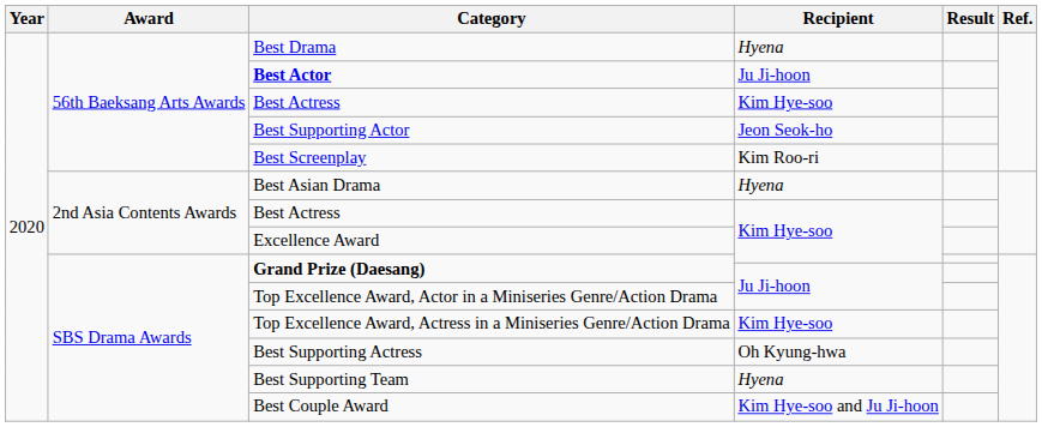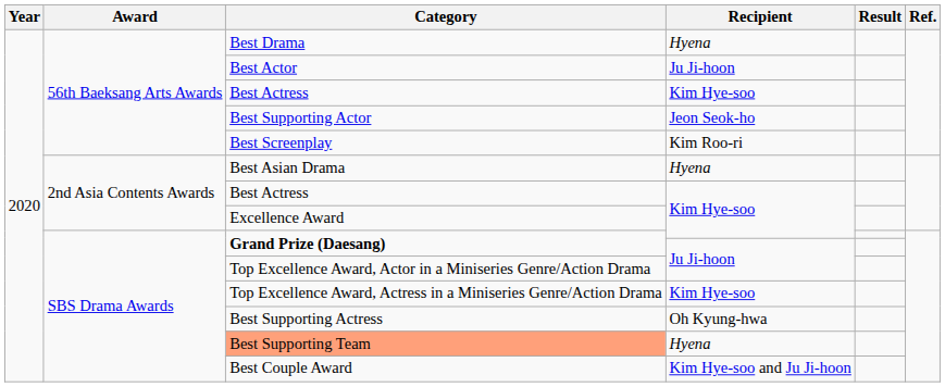 <table class="wikitable">
 <tr>
 <th>Year</th>
 <th>Award</th>
 <th>Category</th>
 <th>Recipient</th>
 <th>Result</th>
 <th>Ref.</th>
 </tr>
 <tr>
 <td rowspan="15">2020</td>
 <td rowspan="5"><a href='#'>56th Baeksang Arts Awards</a></td>
 <td><a href='#'>Best Drama</a></td>
 <td><em>Hyena</em></td>
 <td></td>
 <td rowspan="5"></td>
 </tr>
 <tr>
-<td><strong><a href='#'>Best Actor</a></strong></td>
+<td><a href='#'>Best Actor</a></td>
 <td><a href='#'>Ju Ji-hoon</a></td>
 <td></td>
 </tr>
 <tr>
 <td><a href='#'>Best Actress</a></td>
 <td><a href='#'>Kim Hye-soo</a></td>
 <td></td>
 </tr>
 <tr>
 <td><a href='#'>Best Supporting Actor</a></td>
 <td><a href='#'>Jeon Seok-ho</a></td>
 <td></td>
 </tr>
 <tr>
 <td><a href='#'>Best Screenplay</a></td>
 <td>Kim Roo-ri</td>
 <td></td>
 </tr>
 <tr>
 <td rowspan="3">2nd Asia Contents Awards</td>
 <td>Best Asian Drama</td>
 <td><em>Hyena</em></td>
 <td></td>
 <td rowspan="3"></td>
 </tr>
 <tr>
 <td>Best Actress</td>
 <td rowspan="3"><a href='#'>Kim Hye-soo</a></td>
 <td></td>
 </tr>
 <tr>
 <td>Excellence Award</td>
 <td></td>
 </tr>
 <tr>
 <td rowspan="7"><a href='#'>SBS Drama Awards</a></td>
 <td rowspan=2><strong>Grand Prize (Daesang)</strong></td>
 <td></td>
 <td rowspan=7></td>
 </tr>
 <tr>
 <td rowspan=2><a href='#'>Ju Ji-hoon</a></td>
 <td></td>
 </tr>
 <tr>
 <td>Top Excellence Award, Actor in a Miniseries Genre/Action Drama</td>
 <td></td>
 </tr>
 <tr>
 <td>Top Excellence Award, Actress in a Miniseries Genre/Action Drama</td>
 <td><a href='#'>Kim Hye-soo</a></td>
 <td></td>
 </tr>
 <tr>
 <td>Best Supporting Actress</td>
 <td>Oh Kyung-hwa</td>
 <td></td>
 </tr>
 <tr>
-<td>Best Supporting Team</td>
+<td style="background: lightsalmon;">Best Supporting Team</td>
 <td><em>Hyena</em></td>
 <td></td>
 </tr>
 <tr>
 <td>Best Couple Award</td>
 <td><a href='#'>Kim Hye-soo</a> and <a href='#'>Ju Ji-hoon</a></td>
 <td></td>
 </tr>
 </table>
